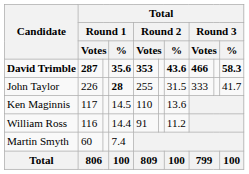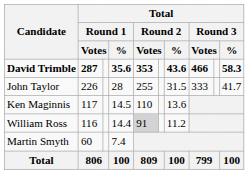 <table class="wikitable" style="font-size:95%;">
 <tr>
 <th rowspan="3">Candidate</th>
 <th colspan="9">Total</th>
 </tr>
 <tr>
 <th colspan="3">Round 1</th>
 <th colspan="3">Round 2</th>
 <th colspan="3">Round 3</th>
 </tr>
 <tr>
 <th colspan="2">Votes</th>
 <th>%</th>
 <th colspan="2">Votes</th>
 <th>%</th>
 <th colspan="2">Votes</th>
 <th>%</th>
 </tr>
 <tr>
 <td><strong>David Trimble</strong> </td>
 <td><strong>287</strong></td>
 <td align="center"></td>
 <td><strong>35.6</strong></td>
 <td><strong>353</strong></td>
 <td align="center"></td>
 <td><strong>43.6</strong></td>
 <td><strong>466</strong></td>
 <td align="center"></td>
 <td><strong>58.3</strong></td>
 </tr>
 <tr>
 <td>John Taylor</td>
 <td>226</td>
 <td align="center"></td>
-<td><strong>28</strong></td>
+<td>28</td>
 <td>255</td>
 <td align="center"></td>
 <td>31.5</td>
 <td>333</td>
 <td align="center"></td>
 <td>41.7</td>
 </tr>
 <tr>
 <td>Ken Maginnis </td>
 <td>117</td>
 <td align="center"></td>
 <td>14.5</td>
 <td>110</td>
 <td align="center"></td>
 <td>13.6</td>
 <th colspan="3"></th>
 </tr>
 <tr>
 <td>William Ross </td>
 <td>116</td>
 <td align="center"></td>
 <td>14.4</td>
-<td>91</td>
+<td style="background: lightgrey;">91</td>
 <td align="center"></td>
 <td>11.2</td>
 <th colspan="3"></th>
 </tr>
 <tr>
 <td>Martin Smyth </td>
 <td>60</td>
 <td align="center"></td>
 <td>7.4</td>
 <th colspan="6"></th>
 </tr>
 <tr>
 <th>Total</th>
 <th colspan="2">806</th>
 <th>100</th>
 <th colspan="2">809</th>
 <th>100</th>
 <th colspan="2">799</th>
 <th>100</th>
 </tr>
 </table>
